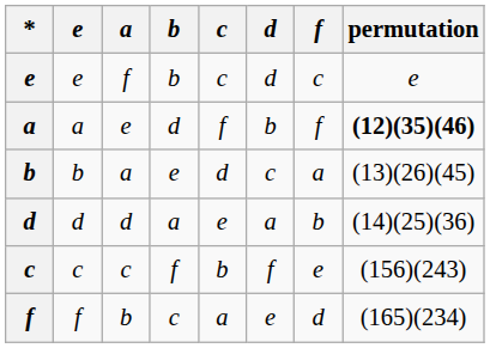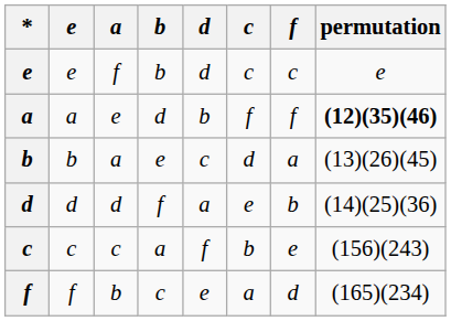 <table class="wikitable" style="text-align: center;">
 <tr>
 <th style="width: 1.5em; height: 1.5em;">*</th>
 <th style="width: 1.5em;"><em>e</em></th>
 <th style="width: 1.5em;"><em>a</em></th>
 <th style="width: 1.5em;"><em>b</em></th>
+<th style="width: 1.5em;"><em>d</em></th>
 <th style="width: 1.5em;"><em>c</em></th>
-<th style="width: 1.5em;"><em>d</em></th>
 <th style="width: 1.5em;"><em>f</em></th>
 <th>permutation</th>
 </tr>
 <tr>
 <th style="height: 1.5em;"><em>e</em></th>
 <td><em>e</em></td>
 <td><em>f</em></td>
 <td><em>b</em></td>
+<td><em>d</em></td>
 <td><em>c</em></td>
-<td><em>d</em></td>
 <td><em>c</em></td>
 <td><em>e</em></td>
 </tr>
 <tr>
 <th style="height: 1.5em;"><em>a</em></th>
 <td><em>a</em></td>
 <td><em>e</em></td>
 <td><em>d</em></td>
+<td><em>b</em></td>
 <td><em>f</em></td>
-<td><em>b</em></td>
 <td><em>f</em></td>
 <td><strong>(12)(35)(46)</strong></td>
 </tr>
 <tr>
 <th style="height: 1.5em;"><em>b</em></th>
 <td><em>b</em></td>
 <td><em>a</em></td>
 <td><em>e</em></td>
+<td><em>c</em></td>
 <td><em>d</em></td>
-<td><em>c</em></td>
 <td><em>a</em></td>
 <td>(13)(26)(45)</td>
 </tr>
 <tr>
 <th style="height: 1.5em;"><em>d</em></th>
 <td><em>d</em></td>
 <td><em>d</em></td>
+<td><em>f</em></td>
 <td><em>a</em></td>
 <td><em>e</em></td>
-<td><em>a</em></td>
 <td><em>b</em></td>
 <td>(14)(25)(36)</td>
 </tr>
 <tr>
 <th style="height: 1.5em;"><em>c</em></th>
 <td><em>c</em></td>
 <td><em>c</em></td>
+<td><em>a</em></td>
 <td><em>f</em></td>
 <td><em>b</em></td>
-<td><em>f</em></td>
 <td><em>e</em></td>
 <td>(156)(243)</td>
 </tr>
 <tr>
 <th style="height: 1.5em;"><em>f</em></th>
 <td><em>f</em></td>
 <td><em>b</em></td>
 <td><em>c</em></td>
+<td><em>e</em></td>
 <td><em>a</em></td>
-<td><em>e</em></td>
 <td><em>d</em></td>
 <td>(165)(234)</td>
 </tr>
 </table>
